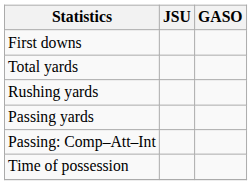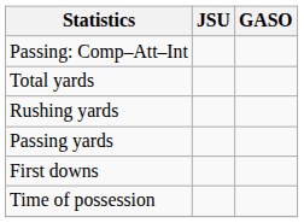 <table class="wikitable" style="float: left;">
 <tr>
 <th>Statistics</th>
 <th>JSU</th>
 <th>GASO</th>
 </tr>
 <tr>
-<td>First downs</td>
+<td>Passing: Comp–Att–Int</td>
 <td></td>
 <td></td>
 </tr>
 <tr>
 <td>Total yards</td>
 <td></td>
 <td></td>
 </tr>
 <tr>
 <td>Rushing yards</td>
 <td></td>
 <td></td>
 </tr>
 <tr>
 <td>Passing yards</td>
 <td></td>
 <td></td>
 </tr>
 <tr>
-<td>Passing: Comp–Att–Int</td>
+<td>First downs</td>
 <td></td>
 <td></td>
 </tr>
 <tr>
 <td>Time of possession</td>
 <td></td>
 <td></td>
 </tr>
 <tr>
 </tr>
 </table>
